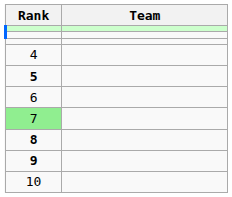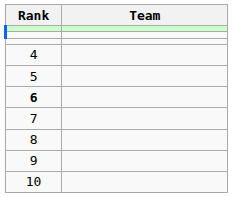 <table class="wikitable" style="text-align: center;">
 <tr>
 <th width=50>Rank</th>
 <th width=160>Team</th>
 </tr>
 <tr bgcolor=#cfc>
 <td style="border-left:3px solid #06f;"></td>
 <td align=left></td>
 </tr>
 <tr>
 <td style="border-left:3px solid #06f;"></td>
 <td align=left></td>
 </tr>
 <tr>
 <td></td>
 <td align=left></td>
 </tr>
 <tr>
 <td>4</td>
 <td align=left></td>
 </tr>
 <tr>
-<td><strong>5</strong></td>
+<td>5</td>
 <td align=left></td>
 </tr>
 <tr>
-<td>6</td>
+<td><strong>6</strong></td>
 <td align=left></td>
 </tr>
 <tr>
-<td style="background: lightgreen;">7</td>
+<td>7</td>
 <td align=left></td>
 </tr>
 <tr>
-<td><strong>8</strong></td>
+<td>8</td>
 <td align=left></td>
 </tr>
 <tr>
-<td><strong>9</strong></td>
+<td>9</td>
 <td align=left></td>
 </tr>
 <tr>
 <td>10</td>
 <td align=left></td>
 </tr>
 </table>
